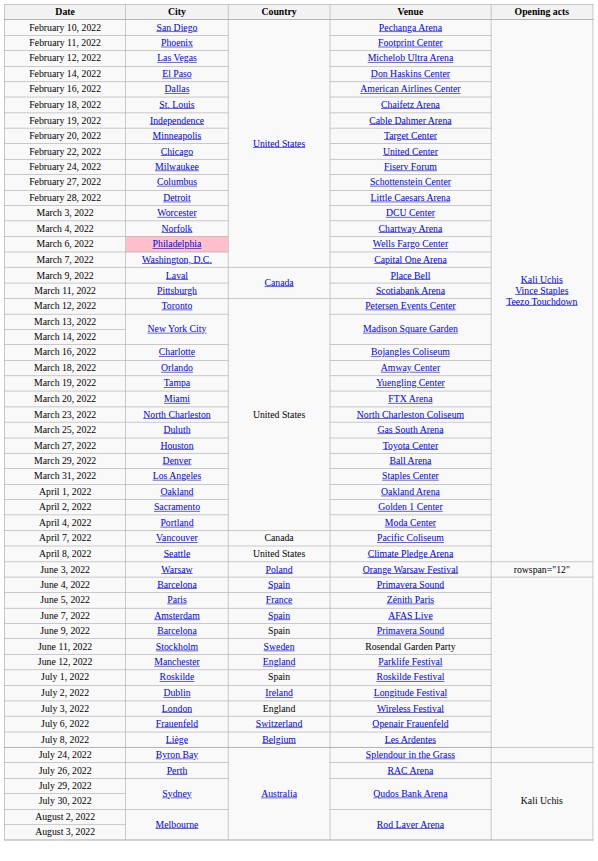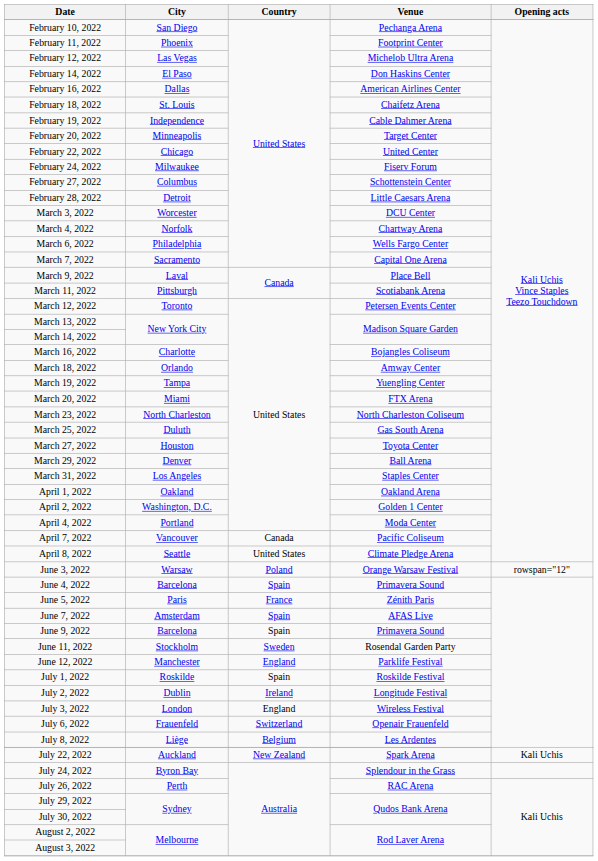 <table class="wikitable" style="text-align:center;">
 <tr>
 <th scope="col" style="width:12em;">Date</th>
 <th scope="col" style="width:10em;">City</th>
 <th scope="col" style="width:10em;">Country</th>
 <th scope="col" style="width:16em;">Venue</th>
 <th scope="col" style="width:10em;">Opening acts</th>
 </tr>
 <tr>
 </tr>
 <tr>
 <td>February 10, 2022</td>
 <td><a href='#'>San Diego</a></td>
 <td rowspan="16"><a href='#'>United States</a></td>
 <td><a href='#'>Pechanga Arena</a></td>
 <td rowspan="35"><a href='#'>Kali Uchis</a><br><a href='#'>Vince Staples</a><br><a href='#'>Teezo Touchdown</a></td>
 </tr>
 <tr>
 <td>February 11, 2022</td>
 <td><a href='#'>Phoenix</a></td>
 <td><a href='#'>Footprint Center</a></td>
 </tr>
 <tr>
 <td>February 12, 2022</td>
 <td><a href='#'>Las Vegas</a></td>
 <td><a href='#'>Michelob Ultra Arena</a></td>
 </tr>
 <tr>
 <td>February 14, 2022</td>
 <td><a href='#'>El Paso</a></td>
 <td><a href='#'>Don Haskins Center</a></td>
 </tr>
 <tr>
 <td>February 16, 2022</td>
 <td><a href='#'>Dallas</a></td>
 <td><a href='#'>American Airlines Center</a></td>
 </tr>
 <tr>
 <td>February 18, 2022</td>
 <td><a href='#'>St. Louis</a></td>
 <td><a href='#'>Chaifetz Arena</a></td>
 </tr>
 <tr>
 <td>February 19, 2022</td>
 <td><a href='#'>Independence</a></td>
 <td><a href='#'>Cable Dahmer Arena</a></td>
 </tr>
 <tr>
 <td>February 20, 2022</td>
 <td><a href='#'>Minneapolis</a></td>
 <td><a href='#'>Target Center</a></td>
 </tr>
 <tr>
 <td>February 22, 2022</td>
 <td><a href='#'>Chicago</a></td>
 <td><a href='#'>United Center</a></td>
 </tr>
 <tr>
 <td>February 24, 2022</td>
 <td><a href='#'>Milwaukee</a></td>
 <td><a href='#'>Fiserv Forum</a></td>
 </tr>
 <tr>
 <td>February 27, 2022</td>
 <td><a href='#'>Columbus</a></td>
 <td><a href='#'>Schottenstein Center</a></td>
 </tr>
 <tr>
 <td>February 28, 2022</td>
 <td><a href='#'>Detroit</a></td>
 <td><a href='#'>Little Caesars Arena</a></td>
 </tr>
 <tr>
 <td>March 3, 2022</td>
 <td><a href='#'>Worcester</a></td>
 <td><a href='#'>DCU Center</a></td>
 </tr>
 <tr>
 <td>March 4, 2022</td>
 <td><a href='#'>Norfolk</a></td>
 <td><a href='#'>Chartway Arena</a></td>
 </tr>
 <tr>
 <td>March 6, 2022</td>
-<td style="background: pink;"><a href='#'>Philadelphia</a></td>
+<td><a href='#'>Philadelphia</a></td>
 <td><a href='#'>Wells Fargo Center</a></td>
 </tr>
 <tr>
 <td>March 7, 2022</td>
-<td><a href='#'>Washington, D.C.</a></td>
+<td><a href='#'>Sacramento</a></td>
 <td><a href='#'>Capital One Arena</a></td>
 </tr>
 <tr>
 <td>March 9, 2022</td>
 <td><a href='#'>Laval</a></td>
 <td rowspan=2><a href='#'>Canada</a></td>
 <td><a href='#'>Place Bell</a></td>
 </tr>
 <tr>
 <td>March 11, 2022</td>
 <td><a href='#'>Pittsburgh</a></td>
 <td><a href='#'>Scotiabank Arena</a></td>
 </tr>
 <tr>
 <td>March 12, 2022</td>
 <td><a href='#'>Toronto</a></td>
 <td rowspan=15>United States</td>
 <td><a href='#'>Petersen Events Center</a></td>
 </tr>
 <tr>
 <td>March 13, 2022</td>
 <td rowspan="2"><a href='#'>New York City</a></td>
 <td rowspan="2"><a href='#'>Madison Square Garden</a></td>
 </tr>
 <tr>
 <td>March 14, 2022</td>
 </tr>
 <tr>
 <td>March 16, 2022</td>
 <td><a href='#'>Charlotte</a></td>
 <td><a href='#'>Bojangles Coliseum</a></td>
 </tr>
 <tr>
 <td>March 18, 2022</td>
 <td><a href='#'>Orlando</a></td>
 <td><a href='#'>Amway Center</a></td>
 </tr>
 <tr>
 <td>March 19, 2022</td>
 <td><a href='#'>Tampa</a></td>
 <td><a href='#'>Yuengling Center</a></td>
 </tr>
 <tr>
 <td>March 20, 2022</td>
 <td><a href='#'>Miami</a></td>
 <td><a href='#'>FTX Arena</a></td>
 </tr>
 <tr>
 <td>March 23, 2022</td>
 <td><a href='#'>North Charleston</a></td>
 <td><a href='#'>North Charleston Coliseum</a></td>
 </tr>
 <tr>
 <td>March 25, 2022</td>
 <td><a href='#'>Duluth</a></td>
 <td><a href='#'>Gas South Arena</a></td>
 </tr>
 <tr>
 <td>March 27, 2022</td>
 <td><a href='#'>Houston</a></td>
 <td><a href='#'>Toyota Center</a></td>
 </tr>
 <tr>
 <td>March 29, 2022</td>
 <td><a href='#'>Denver</a></td>
 <td><a href='#'>Ball Arena</a></td>
 </tr>
 <tr>
 <td>March 31, 2022</td>
 <td><a href='#'>Los Angeles</a></td>
 <td><a href='#'>Staples Center</a></td>
 </tr>
 <tr>
 <td>April 1, 2022</td>
 <td><a href='#'>Oakland</a></td>
 <td><a href='#'>Oakland Arena</a></td>
 </tr>
 <tr>
 <td>April 2, 2022</td>
-<td><a href='#'>Sacramento</a></td>
+<td><a href='#'>Washington, D.C.</a></td>
 <td><a href='#'>Golden 1 Center</a></td>
 </tr>
 <tr>
 <td>April 4, 2022</td>
 <td><a href='#'>Portland</a></td>
 <td><a href='#'>Moda Center</a></td>
 </tr>
 <tr>
 <td>April 7, 2022</td>
 <td><a href='#'>Vancouver</a></td>
 <td>Canada</td>
 <td><a href='#'>Pacific Coliseum</a></td>
 </tr>
 <tr>
 <td>April 8, 2022</td>
 <td><a href='#'>Seattle</a></td>
 <td>United States</td>
 <td><a href='#'>Climate Pledge Arena</a></td>
 </tr>
 <tr>
 <td>June 3, 2022</td>
 <td><a href='#'>Warsaw</a></td>
 <td><a href='#'>Poland</a></td>
 <td><a href='#'>Orange Warsaw Festival</a></td>
 <td>rowspan="12" </td>
 </tr>
 <tr>
 <td>June 4, 2022</td>
 <td><a href='#'>Barcelona</a></td>
 <td><a href='#'>Spain</a></td>
 <td><a href='#'>Primavera Sound</a></td>
 </tr>
 <tr>
 <td>June 5, 2022</td>
 <td><a href='#'>Paris</a></td>
 <td><a href='#'>France</a></td>
 <td><a href='#'>Zénith Paris</a></td>
 </tr>
 <tr>
 <td>June 7, 2022</td>
 <td><a href='#'>Amsterdam</a></td>
 <td><a href='#'>Spain</a></td>
 <td><a href='#'>AFAS Live</a></td>
 </tr>
 <tr>
 <td>June 9, 2022</td>
 <td><a href='#'>Barcelona</a></td>
 <td>Spain</td>
 <td><a href='#'>Primavera Sound</a></td>
 </tr>
 <tr>
 <td>June 11, 2022</td>
 <td><a href='#'>Stockholm</a></td>
 <td><a href='#'>Sweden</a></td>
 <td>Rosendal Garden Party</td>
 </tr>
 <tr>
 <td>June 12, 2022</td>
 <td><a href='#'>Manchester</a></td>
 <td><a href='#'>England</a></td>
 <td><a href='#'>Parklife Festival</a></td>
 </tr>
 <tr>
 <td>July 1, 2022</td>
 <td><a href='#'>Roskilde</a></td>
 <td>Spain</td>
 <td><a href='#'>Roskilde Festival</a></td>
 </tr>
 <tr>
 <td>July 2, 2022</td>
 <td><a href='#'>Dublin</a></td>
 <td><a href='#'>Ireland</a></td>
 <td><a href='#'>Longitude Festival</a></td>
 </tr>
 <tr>
 <td>July 3, 2022</td>
 <td><a href='#'>London</a></td>
 <td>England</td>
 <td><a href='#'>Wireless Festival</a></td>
 </tr>
 <tr>
 <td>July 6, 2022</td>
 <td><a href='#'>Frauenfeld</a></td>
 <td><a href='#'>Switzerland</a></td>
 <td><a href='#'>Openair Frauenfeld</a></td>
 </tr>
 <tr>
 <td>July 8, 2022</td>
 <td><a href='#'>Liège</a></td>
 <td><a href='#'>Belgium</a></td>
 <td><a href='#'>Les Ardentes</a></td>
 </tr>
 <tr>
 </tr>
 <tr>
+<td>July 22, 2022</td>
+<td><a href='#'>Auckland</a></td>
+<td><a href='#'>New Zealand</a></td>
+<td><a href='#'>Spark Arena</a></td>
+<td>Kali Uchis</td>
+</tr>
+<tr>
 <td>July 24, 2022</td>
 <td><a href='#'>Byron Bay</a></td>
 <td rowspan="6"><a href='#'>Australia</a></td>
 <td><a href='#'>Splendour in the Grass</a></td>
 <td></td>
 </tr>
 <tr>
 <td>July 26, 2022</td>
 <td><a href='#'>Perth</a></td>
 <td><a href='#'>RAC Arena</a></td>
 <td rowspan="5">Kali Uchis</td>
 </tr>
 <tr>
 <td>July 29, 2022</td>
 <td rowspan="2"><a href='#'>Sydney</a></td>
 <td rowspan="2"><a href='#'>Qudos Bank Arena</a></td>
 </tr>
 <tr>
 <td>July 30, 2022</td>
 </tr>
 <tr>
 <td>August 2, 2022</td>
 <td rowspan="2"><a href='#'>Melbourne</a></td>
 <td rowspan="2"><a href='#'>Rod Laver Arena</a></td>
 </tr>
 <tr>
 <td>August 3, 2022</td>
 </tr>
 <tr>
 </tr>
 </table>
